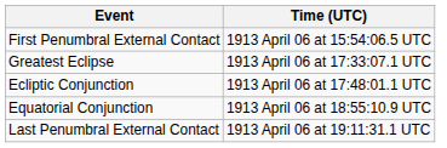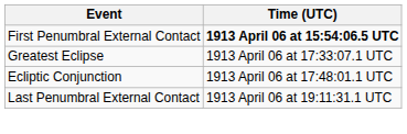 <table class="wikitable">
 <tr>
 <th>Event</th>
 <th>Time (UTC)</th>
 </tr>
 <tr>
 <td>First Penumbral External Contact</td>
-<td>1913 April 06 at 15:54:06.5 UTC</td>
+<td><strong>1913 April 06 at 15:54:06.5 UTC</strong></td>
 </tr>
 <tr>
 <td>Greatest Eclipse</td>
 <td>1913 April 06 at 17:33:07.1 UTC</td>
 </tr>
 <tr>
 <td>Ecliptic Conjunction</td>
 <td>1913 April 06 at 17:48:01.1 UTC</td>
 </tr>
 <tr>
-<td>Equatorial Conjunction</td>
-<td>1913 April 06 at 18:55:10.9 UTC</td>
-</tr>
-<tr>
 <td>Last Penumbral External Contact</td>
 <td>1913 April 06 at 19:11:31.1 UTC</td>
 </tr>
 </table>
